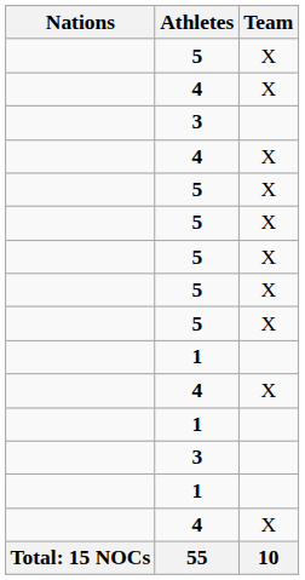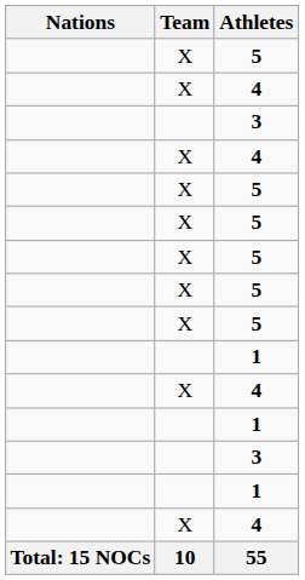 <table class="wikitable sortable" style="text-align:center;">
 <tr>
 <th>Nations</th>
+<th>Team</th>
 <th>Athletes</th>
-<th>Team</th>
 </tr>
 <tr>
 <td align="left"></td>
+<td>X</td>
 <td><strong>5</strong></td>
-<td>X</td>
 </tr>
 <tr>
 <td align="left"></td>
+<td>X</td>
 <td><strong>4</strong></td>
-<td>X</td>
 </tr>
 <tr>
 <td align="left"></td>
+<td></td>
 <td><strong>3</strong></td>
-<td></td>
 </tr>
 <tr>
 <td align="left"></td>
+<td>X</td>
 <td><strong>4</strong></td>
-<td>X</td>
 </tr>
 <tr>
 <td align="left"></td>
+<td>X</td>
 <td><strong>5</strong></td>
-<td>X</td>
 </tr>
 <tr>
 <td align="left"></td>
+<td>X</td>
 <td><strong>5</strong></td>
-<td>X</td>
 </tr>
 <tr>
 <td align="left"></td>
+<td>X</td>
 <td><strong>5</strong></td>
-<td>X</td>
 </tr>
 <tr>
 <td align="left"></td>
+<td>X</td>
 <td><strong>5</strong></td>
-<td>X</td>
 </tr>
 <tr>
 <td align="left"></td>
+<td>X</td>
 <td><strong>5</strong></td>
-<td>X</td>
 </tr>
 <tr>
 <td align="left"></td>
+<td></td>
 <td><strong>1</strong></td>
-<td></td>
 </tr>
 <tr>
 <td align="left"></td>
+<td>X</td>
 <td><strong>4</strong></td>
-<td>X</td>
 </tr>
 <tr>
 <td align="left"></td>
+<td></td>
 <td><strong>1</strong></td>
-<td></td>
 </tr>
 <tr>
 <td align="left"></td>
+<td></td>
 <td><strong>3</strong></td>
-<td></td>
 </tr>
 <tr>
 <td align="left"></td>
+<td></td>
 <td><strong>1</strong></td>
-<td></td>
 </tr>
 <tr>
 <td align="left"></td>
+<td>X</td>
 <td><strong>4</strong></td>
-<td>X</td>
 </tr>
 <tr>
 <th>Total: 15 NOCs</th>
+<th>10</th>
 <th>55</th>
-<th>10</th>
 </tr>
 </table>
